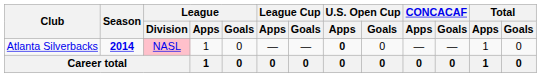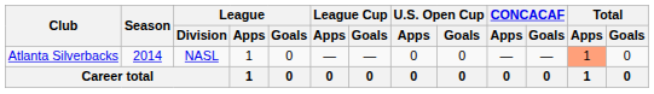 <table class="wikitable" style="text-align: center;">
 <tr>
 <th rowspan=2>Club</th>
 <th rowspan=2>Season</th>
 <th colspan=3>League</th>
 <th colspan=2>League Cup</th>
 <th colspan=2>U.S. Open Cup</th>
 <th colspan=2><a href='#'>CONCACAF</a></th>
 <th colspan=2>Total</th>
 </tr>
 <tr>
 <th>Division</th>
 <th>Apps</th>
 <th>Goals</th>
 <th>Apps</th>
 <th>Goals</th>
 <th>Apps</th>
 <th>Goals</th>
 <th>Apps</th>
 <th>Goals</th>
 <th>Apps</th>
 <th>Goals</th>
 </tr>
 <tr>
 <td rowspan=1><a href='#'>Atlanta Silverbacks</a></td>
-<td><strong><a href='#'>2014</a></strong></td>
-<td style="background: pink;"><a href='#'>NASL</a></td>
+<td><a href='#'>2014</a></td>
+<td><a href='#'>NASL</a></td>
 <td>1</td>
 <td>0</td>
 <td>—</td>
 <td>—</td>
-<td><strong>0</strong></td>
+<td>0</td>
 <td>0</td>
 <td>—</td>
 <td>—</td>
-<td>1</td>
+<td style="background: lightsalmon;">1</td>
 <td>0</td>
 </tr>
 <tr>
 <th colspan=3>Career total</th>
 <th>1</th>
 <th>0</th>
 <th>0</th>
 <th>0</th>
 <th>0</th>
 <th>0</th>
 <th>0</th>
 <th>0</th>
 <th>1</th>
 <th>0</th>
 </tr>
 </table>
